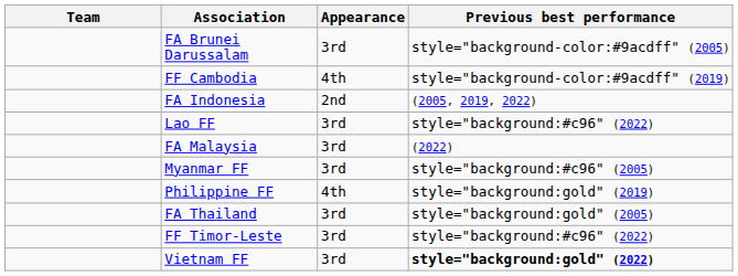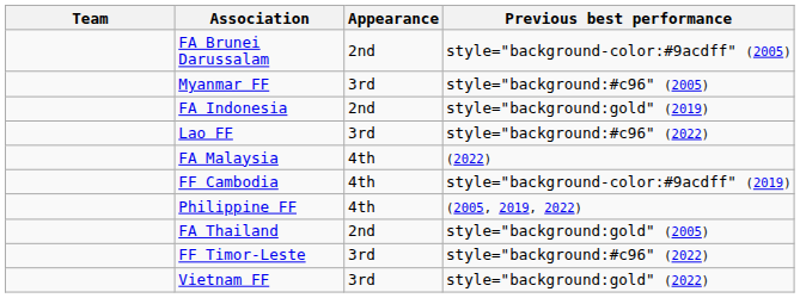 <table class="wikitable sortable">
 <tr>
 <th style="width:140px;">Team</th>
 <th style="width:140px;">Association</th>
 <th style="width:75px;">Appearance</th>
 <th>Previous best performance</th>
 </tr>
 <tr>
 <td></td>
 <td><a href='#'>FA Brunei Darussalam</a></td>
-<td>3rd</td>
+<td>2nd</td>
 <td>style="background-color:#9acdff"  <small>(<a href='#'>2005</a>)</small></td>
 </tr>
 <tr>
 <td></td>
-<td><a href='#'>FF Cambodia</a></td>
-<td>4th</td>
-<td>style="background-color:#9acdff"  <small>(<a href='#'>2019</a>)</small></td>
+<td><a href='#'>Myanmar FF</a></td>
+<td>3rd</td>
+<td>style="background:#c96"  <small>(<a href='#'>2005</a>)</small></td>
 </tr>
 <tr>
 <td></td>
 <td><a href='#'>FA Indonesia</a></td>
 <td>2nd</td>
-<td> <small>(<a href='#'>2005</a>, <a href='#'>2019</a>, <a href='#'>2022</a>)</small></td>
+<td>style="background:gold"  <small>(<a href='#'>2019</a>)</small></td>
 </tr>
 <tr>
 <td></td>
 <td><a href='#'>Lao FF</a></td>
 <td>3rd</td>
 <td>style="background:#c96"  <small>(<a href='#'>2022</a>)</small></td>
 </tr>
 <tr>
 <td></td>
 <td><a href='#'>FA Malaysia</a></td>
-<td>3rd</td>
+<td>4th</td>
 <td> <small>(<a href='#'>2022</a>)</small></td>
 </tr>
 <tr>
 <td></td>
-<td><a href='#'>Myanmar FF</a></td>
-<td>3rd</td>
-<td>style="background:#c96"  <small>(<a href='#'>2005</a>)</small></td>
+<td><a href='#'>FF Cambodia</a></td>
+<td>4th</td>
+<td>style="background-color:#9acdff"  <small>(<a href='#'>2019</a>)</small></td>
 </tr>
 <tr>
 <td></td>
 <td><a href='#'>Philippine FF</a></td>
 <td>4th</td>
-<td>style="background:gold"  <small>(<a href='#'>2019</a>)</small></td>
+<td> <small>(<a href='#'>2005</a>, <a href='#'>2019</a>, <a href='#'>2022</a>)</small></td>
 </tr>
 <tr>
 <td></td>
 <td><a href='#'>FA Thailand</a></td>
-<td>3rd</td>
+<td>2nd</td>
 <td>style="background:gold"  <small>(<a href='#'>2005</a>)</small></td>
 </tr>
 <tr>
 <td></td>
 <td><a href='#'>FF Timor-Leste</a></td>
 <td>3rd</td>
 <td>style="background:#c96"  <small>(<a href='#'>2022</a>)</small></td>
 </tr>
 <tr>
 <td></td>
 <td><a href='#'>Vietnam FF</a></td>
 <td>3rd</td>
-<td><strong>style="background:gold"  <small>(<a href='#'>2022</a>)</small></strong></td>
+<td>style="background:gold"  <small>(<a href='#'>2022</a>)</small></td>
 </tr>
 </table>
